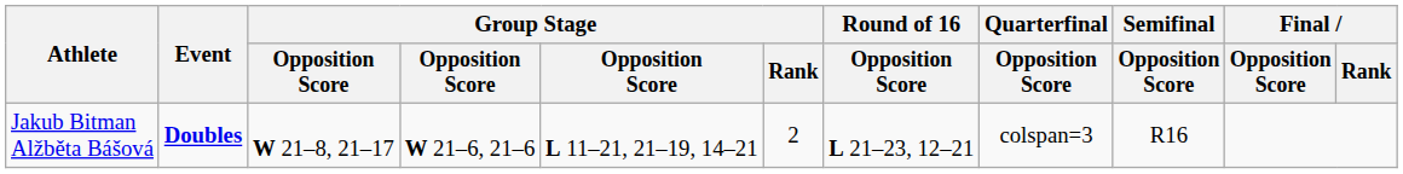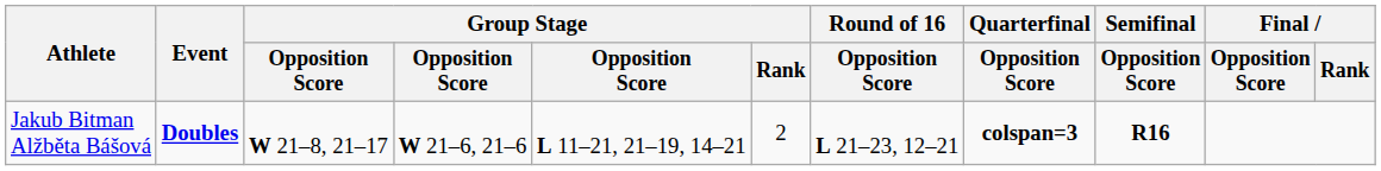 <table class="wikitable" style="font-size:90%">
 <tr>
 <th rowspan=2>Athlete</th>
 <th rowspan=2>Event</th>
 <th colspan=4>Group Stage</th>
 <th>Round of 16</th>
 <th>Quarterfinal</th>
 <th>Semifinal</th>
 <th colspan=2>Final / </th>
 </tr>
 <tr style="font-size:95%">
 <th>Opposition<br>Score</th>
 <th>Opposition<br>Score</th>
 <th>Opposition<br>Score</th>
 <th>Rank</th>
 <th>Opposition<br>Score</th>
 <th>Opposition<br>Score</th>
 <th>Opposition<br>Score</th>
 <th>Opposition<br>Score</th>
 <th>Rank</th>
 </tr>
 <tr align=center>
 <td align=left><a href='#'>Jakub Bitman</a><br><a href='#'>Alžběta Bášová</a></td>
 <td align=left><strong><a href='#'>Doubles</a></strong></td>
 <td><br><strong>W</strong> 21–8, 21–17</td>
 <td><br> <strong>W</strong> 21–6, 21–6</td>
 <td><br><strong>L</strong> 11–21, 21–19, 14–21</td>
 <td>2</td>
 <td><br><strong>L</strong> 21–23, 12–21</td>
-<td>colspan=3 </td>
-<td>R16</td>
+<td><strong>colspan=3 </strong></td>
+<td><strong>R16</strong></td>
 </tr>
 </table>
